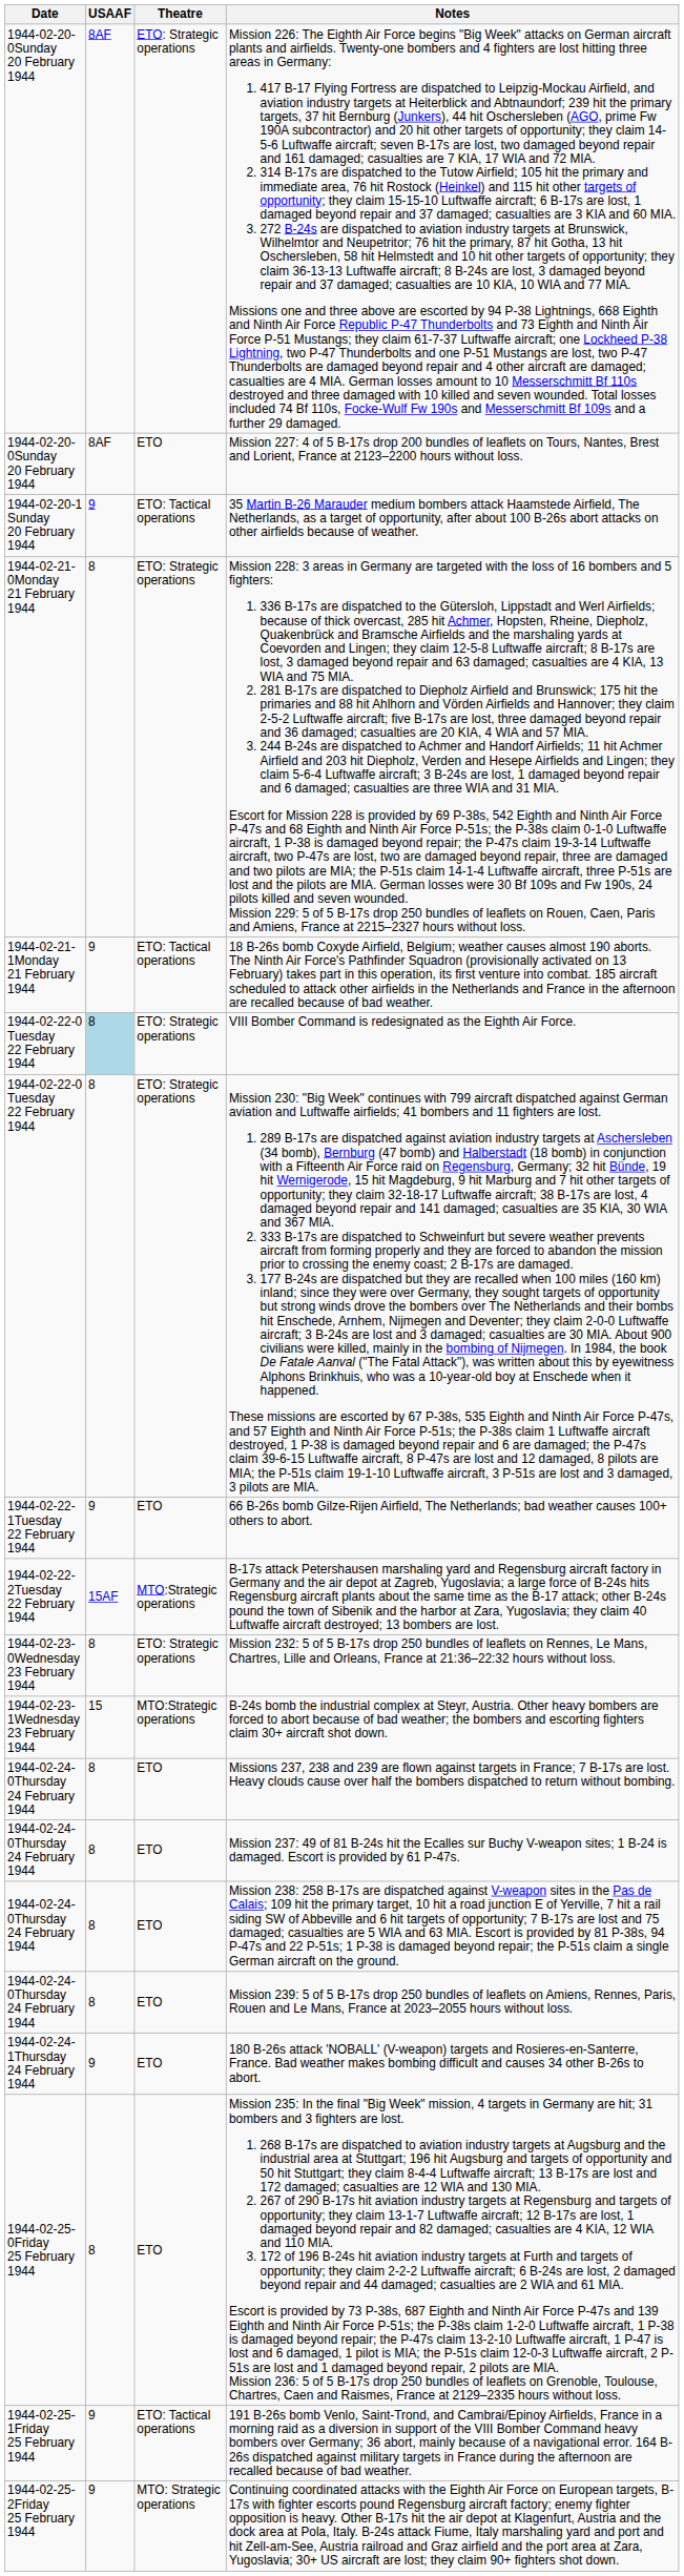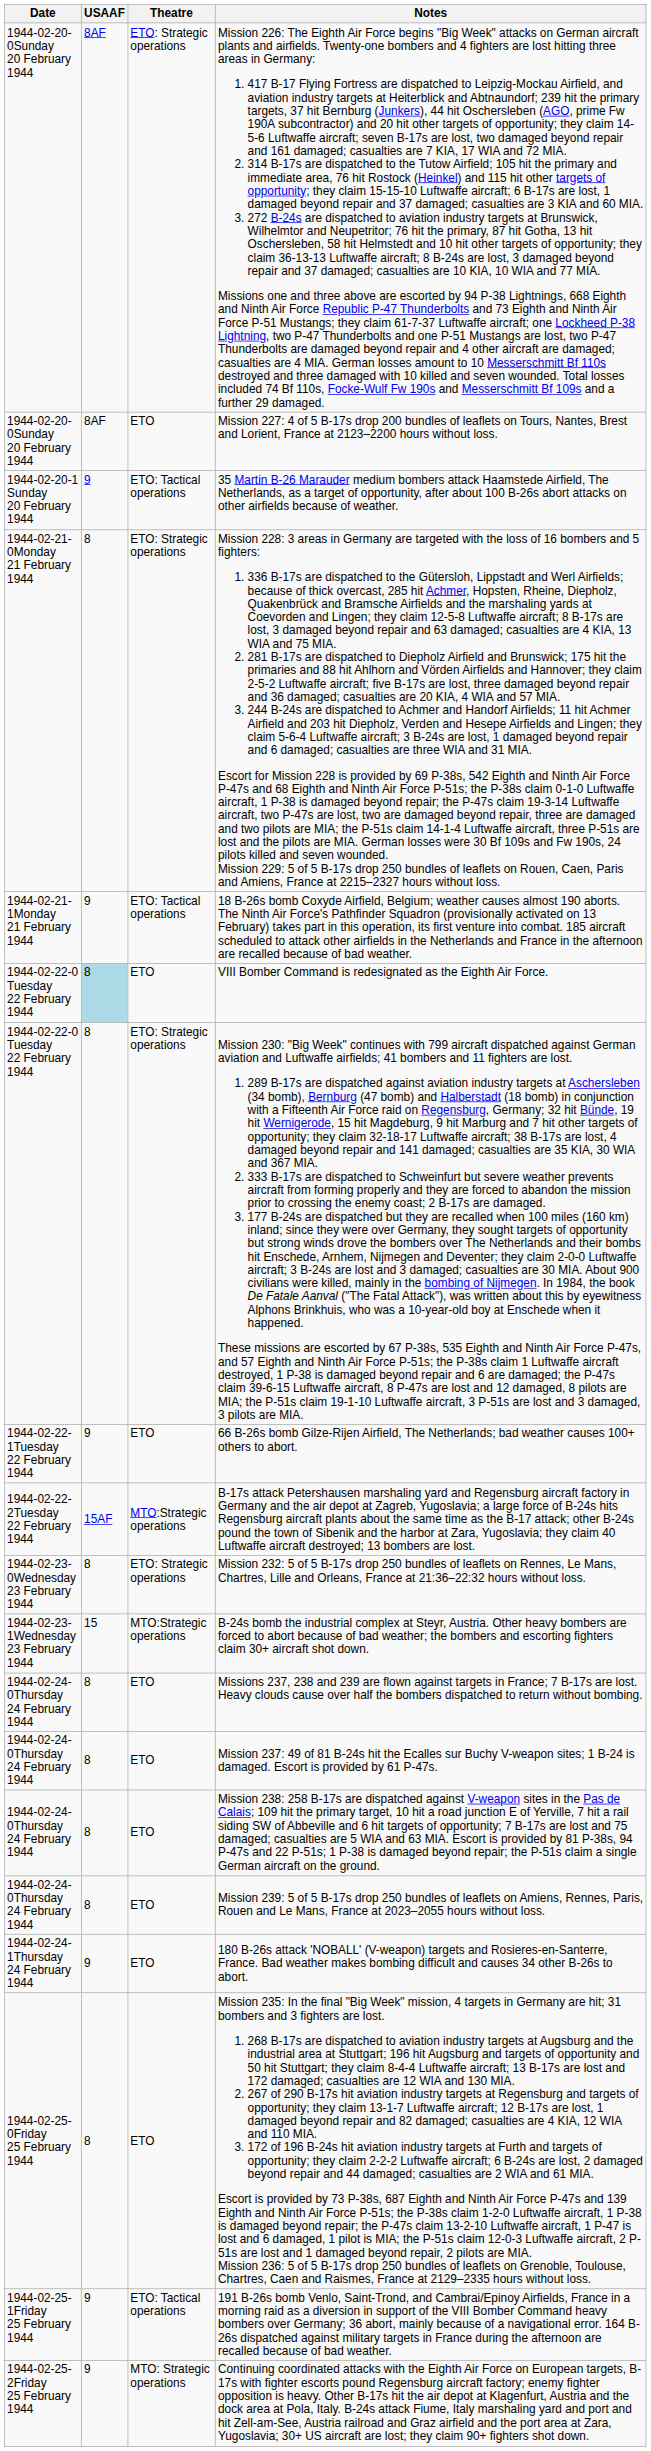 <table class="wikitable sortable">
 <tr>
 <th width=12%>Date</th>
 <th>USAAF</th>
 <th>Theatre</th>
 <th class="unsortable">Notes</th>
 </tr>
 <tr style="vertical-align: top;">
 <td><span>1944-02-20-0</span>Sunday<br>20 February 1944</td>
 <td><a href='#'>8AF</a></td>
 <td><a href='#'>ETO</a>: Strategic operations</td>
 <td>Mission 226: The Eighth Air Force begins "Big Week" attacks on German aircraft plants and airfields. Twenty-one bombers and 4 fighters are lost hitting three areas in Germany:<br><ol><li>417 B-17 Flying Fortress are dispatched to Leipzig-Mockau Airfield, and aviation industry targets at Heiterblick and Abtnaundorf; 239 hit the primary targets, 37 hit Bernburg (<a href='#'>Junkers</a>), 44 hit Oschersleben (<a href='#'>AGO</a>, prime Fw 190A subcontractor) and 20 hit other targets of opportunity; they claim 14-5-6 Luftwaffe aircraft; seven B-17s are lost, two damaged beyond repair and 161 damaged; casualties are 7 KIA, 17 WIA and 72 MIA.</li><li>314 B-17s are dispatched to the Tutow Airfield; 105 hit the primary and immediate area, 76 hit Rostock (<a href='#'>Heinkel</a>) and 115 hit other <a href='#'>targets of opportunity</a>; they claim 15-15-10 Luftwaffe aircraft; 6 B-17s are lost, 1 damaged beyond repair and 37 damaged; casualties are 3 KIA and 60 MIA.</li><li>272 <a href='#'>B-24s</a> are dispatched to aviation industry targets at Brunswick, Wilhelmtor and Neupetritor; 76 hit the primary, 87 hit Gotha, 13 hit Oschersleben, 58 hit Helmstedt and 10 hit other targets of opportunity; they claim 36-13-13 Luftwaffe aircraft; 8 B-24s are lost, 3 damaged beyond repair and 37 damaged; casualties are 10 KIA, 10 WIA and 77 MIA.</li></ol>Missions one and three above are escorted by 94 P-38 Lightnings, 668 Eighth and Ninth Air Force <a href='#'>Republic P-47 Thunderbolts</a> and 73 Eighth and Ninth Air Force P-51 Mustangs; they claim 61-7-37 Luftwaffe aircraft; one <a href='#'>Lockheed P-38 Lightning</a>, two P-47 Thunderbolts and one P-51 Mustangs are lost, two P-47 Thunderbolts are damaged beyond repair and 4 other aircraft are damaged; casualties are 4 MIA.  German losses amount to 10 <a href='#'>Messerschmitt Bf 110s</a> destroyed and three damaged with 10 killed and seven wounded. Total losses included 74 Bf 110s, <a href='#'>Focke-Wulf Fw 190s</a> and <a href='#'>Messerschmitt Bf 109s</a> and a further 29 damaged.</td>
 </tr>
 <tr style="vertical-align: top;">
 <td><span>1944-02-20-0</span>Sunday<br>20 February 1944</td>
 <td>8AF</td>
 <td>ETO</td>
 <td>Mission 227: 4 of 5 B-17s drop 200 bundles of leaflets on Tours, Nantes, Brest and Lorient, France at 2123–2200 hours without loss.</td>
 </tr>
 <tr style="vertical-align: top;">
 <td><span>1944-02-20-1</span> Sunday<br> 20 February 1944</td>
 <td><a href='#'>9</a></td>
 <td>ETO: Tactical operations</td>
 <td>35 <a href='#'>Martin B-26 Marauder</a> medium bombers attack Haamstede Airfield, The Netherlands, as a target of opportunity, after about 100 B-26s abort attacks on other airfields because of weather.</td>
 </tr>
 <tr style="vertical-align: top;">
 <td><span>1944-02-21-0</span>Monday<br> 21 February 1944</td>
 <td>8</td>
 <td>ETO: Strategic operations</td>
 <td>Mission 228: 3 areas in Germany are targeted with the loss of 16 bombers and 5 fighters:<br><ol><li>336 B-17s are dispatched to the Gütersloh, Lippstadt and Werl Airfields; because of thick overcast, 285 hit <a href='#'>Achmer</a>, Hopsten, Rheine, Diepholz, Quakenbrück and Bramsche Airfields and the marshaling yards at Coevorden and Lingen; they claim 12-5-8 Luftwaffe aircraft; 8 B-17s are lost, 3 damaged beyond repair and 63 damaged; casualties are 4 KIA, 13 WIA and 75 MIA.</li><li>281 B-17s are dispatched to Diepholz Airfield and Brunswick; 175 hit the primaries and 88 hit Ahlhorn and Vörden Airfields and Hannover; they claim 2-5-2 Luftwaffe aircraft; five B-17s are lost, three damaged beyond repair and 36 damaged; casualties are 20 KIA, 4 WIA and 57 MIA.</li><li>244 B-24s are dispatched to Achmer and Handorf Airfields; 11 hit Achmer Airfield and 203 hit Diepholz, Verden and Hesepe Airfields and Lingen; they claim 5-6-4 Luftwaffe aircraft; 3 B-24s are lost, 1 damaged beyond repair and 6 damaged; casualties are three WIA and 31 MIA.</li></ol>Escort for Mission 228 is provided by 69 P-38s, 542 Eighth and Ninth Air Force P-47s and 68 Eighth and Ninth Air Force P-51s; the P-38s claim 0-1-0 Luftwaffe aircraft, 1 P-38 is damaged beyond repair; the P-47s claim 19-3-14 Luftwaffe aircraft, two P-47s are lost, two are damaged beyond repair, three are damaged and two pilots are MIA; the P-51s claim 14-1-4 Luftwaffe aircraft, three P-51s are lost and the pilots are MIA. German losses were 30 Bf 109s and Fw 190s, 24 pilots killed and seven wounded.<br>Mission 229: 5 of 5 B-17s drop 250 bundles of leaflets on Rouen, Caen, Paris and Amiens, France at 2215–2327 hours without loss.</td>
 </tr>
 <tr style="vertical-align: top;">
 <td><span>1944-02-21-1</span>Monday<br> 21 February 1944</td>
 <td>9</td>
 <td>ETO: Tactical operations</td>
 <td>18 B-26s bomb Coxyde Airfield, Belgium; weather causes almost 190 aborts. The Ninth Air Force's Pathfinder Squadron (provisionally activated on 13 February) takes part in this operation, its first venture into combat. 185 aircraft scheduled to attack other airfields in the Netherlands and France in the afternoon are recalled because of bad weather.</td>
 </tr>
 <tr style="vertical-align: top;">
 <td><span>1944-02-22-0</span> Tuesday<br>22 February 1944</td>
 <td style="background: lightblue;">8</td>
-<td>ETO: Strategic operations</td>
+<td>ETO</td>
 <td>VIII Bomber Command is redesignated as the Eighth Air Force.</td>
 </tr>
 <tr style="vertical-align: top;">
 <td><span>1944-02-22-0</span> Tuesday<br>22 February 1944</td>
 <td>8</td>
 <td>ETO: Strategic operations</td>
 <td><br>Mission 230: "Big Week" continues with 799 aircraft dispatched against German aviation and Luftwaffe airfields; 41 bombers and 11 fighters are lost.<ol><li>289 B-17s are dispatched against aviation industry targets at <a href='#'>Aschersleben</a> (34 bomb), <a href='#'>Bernburg</a> (47 bomb) and <a href='#'>Halberstadt</a> (18 bomb) in conjunction with a Fifteenth Air Force raid on <a href='#'>Regensburg</a>, Germany; 32 hit <a href='#'>Bünde</a>, 19 hit <a href='#'>Wernigerode</a>, 15 hit Magdeburg, 9 hit Marburg and 7 hit other targets of opportunity; they claim 32-18-17 Luftwaffe aircraft; 38 B-17s are lost, 4 damaged beyond repair and 141 damaged; casualties are 35 KIA, 30 WIA and 367 MIA.</li><li>333 B-17s are dispatched to Schweinfurt but severe weather prevents aircraft from forming properly and they are forced to abandon the mission prior to crossing the enemy coast; 2 B-17s are damaged.</li><li>177 B-24s are dispatched but they are recalled when 100 miles (160 km) inland; since they were over Germany, they sought targets of opportunity but strong winds drove the bombers over The Netherlands and their bombs hit Enschede, Arnhem, Nijmegen and Deventer; they claim 2-0-0 Luftwaffe aircraft; 3 B-24s are lost and 3 damaged; casualties are 30 MIA. About 900 civilians were killed, mainly in the <a href='#'>bombing of Nijmegen</a>. In 1984, the book <em>De Fatale Aanval</em> ("The Fatal Attack"), was written about this by eyewitness Alphons Brinkhuis, who was a 10-year-old boy at Enschede when it happened.</li></ol>These missions are escorted by 67 P-38s, 535 Eighth and Ninth Air Force P-47s, and 57 Eighth and Ninth Air Force P-51s; the P-38s claim 1 Luftwaffe aircraft destroyed, 1 P-38 is damaged beyond repair and 6 are damaged; the P-47s claim 39-6-15 Luftwaffe aircraft, 8 P-47s are lost and 12 damaged, 8 pilots are MIA; the P-51s claim 19-1-10 Luftwaffe aircraft, 3 P-51s are lost and 3 damaged, 3 pilots are MIA.</td>
 </tr>
 <tr style="vertical-align: top;">
 <td><span>1944-02-22-1</span>Tuesday<br> 22 February 1944</td>
 <td>9</td>
 <td>ETO</td>
 <td>66 B-26s bomb Gilze-Rijen Airfield, The Netherlands; bad weather causes 100+ others to abort.</td>
 </tr>
 <tr>
 <td><span>1944-02-22-2</span>Tuesday<br>22 February 1944</td>
 <td><a href='#'>15AF</a></td>
 <td><a href='#'>MTO</a>:Strategic operations</td>
 <td>B-17s attack Petershausen marshaling yard and Regensburg aircraft factory in Germany and the air depot at Zagreb, Yugoslavia; a large force of B-24s hits Regensburg aircraft plants about the same time as the B-17 attack; other B-24s pound the town of Sibenik and the harbor at Zara, Yugoslavia; they claim 40 Luftwaffe aircraft destroyed; 13 bombers are lost.</td>
 </tr>
 <tr style="vertical-align: top;">
 <td><span>1944-02-23-0</span>Wednesday<br>23 February 1944</td>
 <td>8</td>
 <td>ETO: Strategic operations</td>
 <td>Mission 232: 5 of 5 B-17s drop 250 bundles of leaflets on Rennes, Le Mans, Chartres, Lille and Orleans, France at 21:36–22:32 hours without loss.</td>
 </tr>
 <tr style="vertical-align: top;">
 <td><span>1944-02-23-1</span>Wednesday<br>23 February 1944</td>
 <td>15</td>
 <td>MTO:Strategic operations</td>
 <td>B-24s bomb the industrial complex at Steyr, Austria. Other heavy bombers are forced to abort because of bad weather; the bombers and escorting fighters claim 30+ aircraft shot down.</td>
 </tr>
 <tr style="vertical-align: top;">
 <td><span>1944-02-24-0</span>Thursday<br>24 February 1944</td>
 <td>8</td>
 <td>ETO</td>
 <td>Missions 237, 238 and 239 are flown against targets in France; 7 B-17s are lost. Heavy clouds cause over half the bombers dispatched to return without bombing.</td>
 </tr>
 <tr>
 <td><span>1944-02-24-0</span>Thursday<br>24 February 1944</td>
 <td>8</td>
 <td>ETO</td>
 <td>Mission 237: 49 of 81 B-24s hit the Ecalles sur Buchy V-weapon sites; 1 B-24 is damaged. Escort is provided by 61 P-47s.</td>
 </tr>
 <tr>
 <td><span>1944-02-24-0</span>Thursday<br>24 February 1944</td>
 <td>8</td>
 <td>ETO</td>
 <td>Mission 238: 258 B-17s are dispatched against <a href='#'>V-weapon</a> sites in the <a href='#'>Pas de Calais</a>; 109 hit the primary target, 10 hit a road junction E of Yerville, 7 hit a rail siding SW of Abbeville and 6 hit targets of opportunity; 7 B-17s are lost and 75 damaged; casualties are 5 WIA and 63 MIA. Escort is provided by 81 P-38s, 94 P-47s and 22 P-51s; 1 P-38 is damaged beyond repair; the P-51s claim a single German aircraft on the ground.</td>
 </tr>
 <tr>
 <td><span>1944-02-24-0</span>Thursday<br>24 February 1944</td>
 <td>8</td>
 <td>ETO</td>
 <td>Mission 239: 5 of 5 B-17s drop 250 bundles of leaflets on Amiens, Rennes, Paris, Rouen and Le Mans, France at 2023–2055 hours without loss.</td>
 </tr>
 <tr>
 <td><span>1944-02-24-1</span>Thursday<br>24 February 1944</td>
 <td>9</td>
 <td>ETO</td>
 <td>180 B-26s attack 'NOBALL' (V-weapon) targets and Rosieres-en-Santerre, France. Bad weather makes bombing difficult and causes 34 other B-26s to abort.</td>
 </tr>
 <tr>
 <td><span>1944-02-25-0</span>Friday<br>25 February 1944</td>
 <td>8</td>
 <td>ETO</td>
 <td>Mission 235: In the final "Big Week" mission, 4 targets in Germany are hit; 31 bombers and 3 fighters are lost.<br><ol><li>268 B-17s are dispatched to aviation industry targets at Augsburg and the industrial area at Stuttgart; 196 hit Augsburg and targets of opportunity and 50 hit Stuttgart; they claim 8-4-4 Luftwaffe aircraft; 13 B-17s are lost and 172 damaged; casualties are 12 WIA and 130 MIA.</li><li>267 of 290 B-17s hit aviation industry targets at Regensburg and targets of opportunity; they claim 13-1-7 Luftwaffe aircraft; 12 B-17s are lost, 1 damaged beyond repair and 82 damaged; casualties are 4 KIA, 12 WIA and 110 MIA.</li><li>172 of 196 B-24s hit aviation industry targets at Furth and targets of opportunity; they claim 2-2-2 Luftwaffe aircraft; 6 B-24s are lost, 2 damaged beyond repair and 44 damaged; casualties are 2 WIA and 61 MIA.</li></ol>Escort is provided by 73 P-38s, 687 Eighth and Ninth Air Force P-47s and 139 Eighth and Ninth Air Force P-51s; the P-38s claim 1-2-0 Luftwaffe aircraft, 1 P-38 is damaged beyond repair; the P-47s claim 13-2-10 Luftwaffe aircraft, 1 P-47 is lost and 6 damaged, 1 pilot is MIA; the P-51s claim 12-0-3 Luftwaffe aircraft, 2 P-51s are lost and 1 damaged beyond repair, 2 pilots are MIA.<br>Mission 236: 5 of 5 B-17s drop 250 bundles of leaflets on Grenoble, Toulouse, Chartres, Caen and Raismes, France at 2129–2335 hours without loss.</td>
 </tr>
 <tr style="vertical-align: top;">
 <td><span>1944-02-25-1</span>Friday<br>25 February 1944</td>
 <td>9</td>
 <td>ETO: Tactical operations</td>
 <td>191 B-26s bomb Venlo, Saint-Trond, and Cambrai/Epinoy Airfields, France in a morning raid as a diversion in support of the VIII Bomber Command heavy bombers over Germany; 36 abort, mainly because of a navigational error. 164 B-26s dispatched against military targets in France during the afternoon are recalled because of bad weather.</td>
 </tr>
 <tr style="vertical-align: top;">
 <td><span>1944-02-25-2</span>Friday<br>25 February 1944</td>
 <td>9</td>
 <td>MTO: Strategic operations</td>
 <td>Continuing coordinated attacks with the Eighth Air Force on European targets, B-17s with fighter escorts pound Regensburg aircraft factory; enemy fighter opposition is heavy. Other B-17s hit the air depot at Klagenfurt, Austria and the dock area at Pola, Italy. B-24s attack Fiume, Italy marshaling yard and port and hit Zell-am-See, Austria railroad and Graz airfield and the port area at Zara, Yugoslavia; 30+ US aircraft are lost; they claim 90+ fighters shot down.</td>
 </tr>
 </table>
